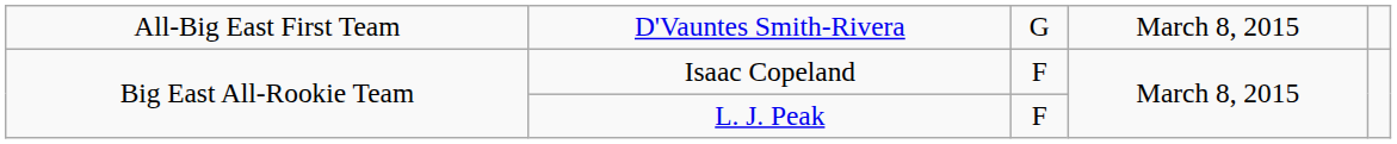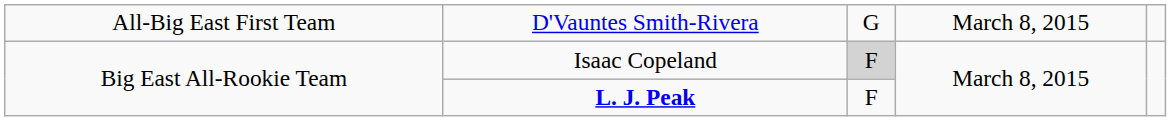 <table class="wikitable" style="width: 90%;text-align: center;">
 <tr align="center">
 <td rowspan="1">All-Big East First Team</td>
 <td><a href='#'>D'Vauntes Smith-Rivera</a></td>
 <td>G</td>
 <td>March 8, 2015</td>
 <td></td>
 </tr>
 <tr align="center">
 <td rowspan="2">Big East All-Rookie Team</td>
 <td>Isaac Copeland</td>
-<td>F</td>
+<td style="background: lightgrey;">F</td>
 <td rowspan="2">March 8, 2015</td>
 <td rowspan="2"></td>
 </tr>
 <tr align="center">
-<td><a href='#'>L. J. Peak</a></td>
+<td><strong><a href='#'>L. J. Peak</a></strong></td>
 <td>F</td>
 </tr>
 </table>
